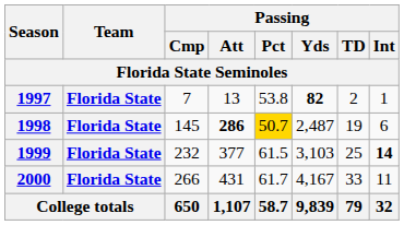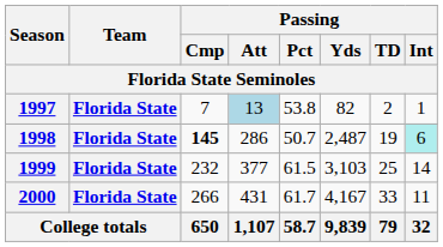 <table class="wikitable sortable" style="text-align:center;">
 <tr>
 <th rowspan="2">Season</th>
 <th rowspan="2">Team</th>
 <th colspan="7">Passing</th>
 </tr>
 <tr>
 <th>Cmp</th>
 <th>Att</th>
 <th>Pct</th>
 <th>Yds</th>
 <th>TD</th>
 <th>Int</th>
 </tr>
 <tr>
 <th colspan="11">Florida State Seminoles</th>
 </tr>
 <tr>
 <th><a href='#'>1997</a></th>
 <th><a href='#'>Florida State</a></th>
 <td>7</td>
-<td>13</td>
+<td style="background: lightblue;">13</td>
 <td>53.8</td>
-<td><strong>82</strong></td>
+<td>82</td>
 <td>2</td>
 <td>1</td>
 </tr>
 <tr>
 <th><a href='#'>1998</a></th>
 <th><a href='#'>Florida State</a></th>
-<td>145</td>
-<td><strong>286</strong></td>
-<td style="background: gold;">50.7</td>
+<td><strong>145</strong></td>
+<td>286</td>
+<td>50.7</td>
 <td>2,487</td>
 <td>19</td>
-<td>6</td>
+<td style="background: paleturquoise;">6</td>
 </tr>
 <tr>
 <th><a href='#'>1999</a></th>
 <th><a href='#'>Florida State</a></th>
 <td>232</td>
 <td>377</td>
 <td>61.5</td>
 <td>3,103</td>
 <td>25</td>
-<td><strong>14</strong></td>
+<td>14</td>
 </tr>
 <tr>
 <th><a href='#'>2000</a></th>
 <th><a href='#'>Florida State</a></th>
 <td>266</td>
 <td>431</td>
 <td>61.7</td>
 <td>4,167</td>
 <td>33</td>
 <td>11</td>
 </tr>
 <tr class="sortbottom" style="background:#eee;">
 <th colspan=2>College totals</th>
 <th>650</th>
 <th>1,107</th>
 <th>58.7</th>
 <th>9,839</th>
 <th>79</th>
 <th>32</th>
 </tr>
 </table>
